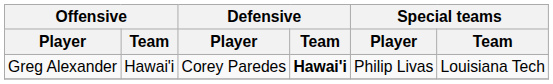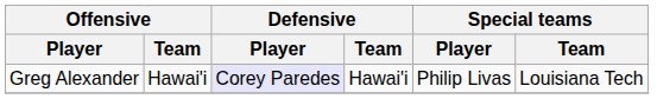 <table class="wikitable" border="1">
 <tr>
 <th colspan="2">Offensive</th>
 <th colspan="2">Defensive</th>
 <th colspan="2">Special teams</th>
 </tr>
 <tr>
 <th>Player</th>
 <th>Team</th>
 <th>Player</th>
 <th>Team</th>
 <th>Player</th>
 <th>Team</th>
 </tr>
 <tr>
 <td>Greg Alexander</td>
 <td>Hawai'i</td>
-<td>Corey Paredes</td>
-<td><strong>Hawai'i</strong></td>
+<td style="background: lavender;">Corey Paredes</td>
+<td>Hawai'i</td>
 <td>Philip Livas</td>
 <td>Louisiana Tech</td>
 </tr>
 <tr>
 </tr>
 </table>
